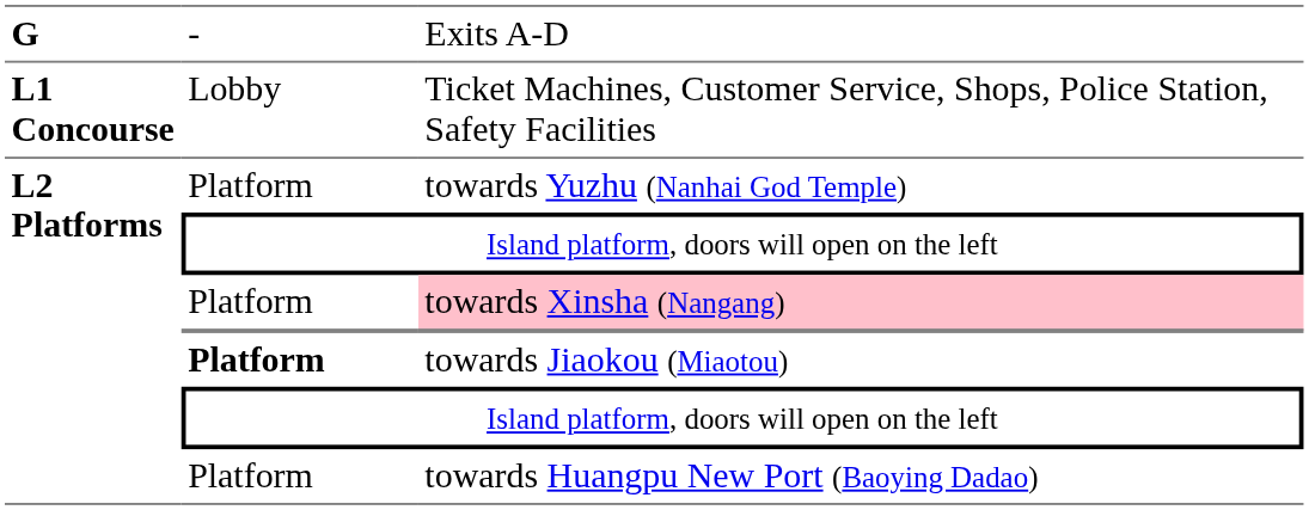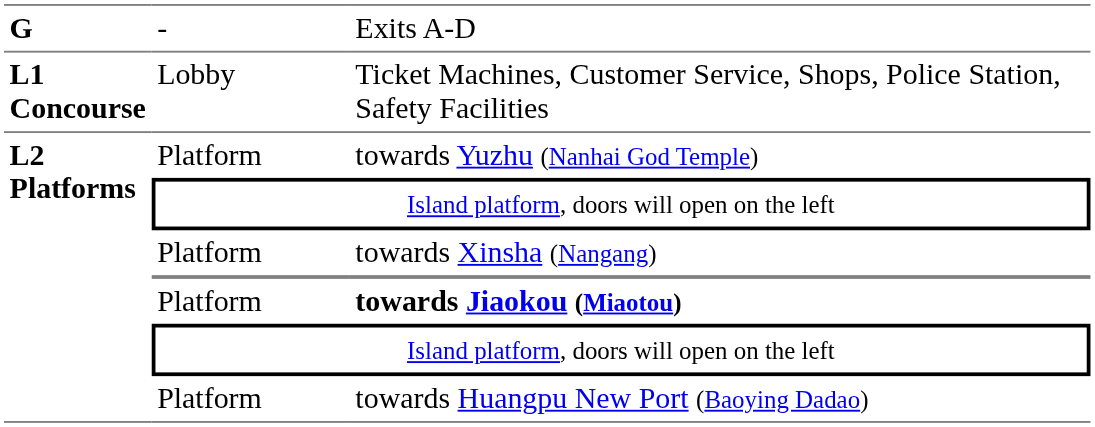 <table table border=0 cellspacing=0 cellpadding=3>
 <tr>
 <td style="border-top:solid 1px gray;" width=50 valign=top><strong>G</strong></td>
 <td style="border-top:solid 1px gray;" width=100 valign=top>-</td>
 <td style="border-top:solid 1px gray;" width=390 valign=top>Exits A-D</td>
 </tr>
 <tr>
 <td style="border-bottom:solid 1px gray; border-top:solid 1px gray;" valign=top><strong>L1<br>Concourse</strong></td>
 <td style="border-bottom:solid 1px gray; border-top:solid 1px gray;" valign=top>Lobby</td>
 <td style="border-bottom:solid 1px gray; border-top:solid 1px gray;" valign=top>Ticket Machines, Customer Service, Shops, Police Station, Safety Facilities</td>
 </tr>
 <tr>
 <td style="border-bottom:solid 1px gray;" rowspan=6 valign=top><strong>L2<br>Platforms</strong></td>
 <td>Platform </td>
 <td>  towards <a href='#'>Yuzhu</a> <small>(<a href='#'>Nanhai God Temple</a>)</small></td>
 </tr>
 <tr>
 <td style="border-right:solid 2px black;border-left:solid 2px black;border-top:solid 2px black;border-bottom:solid 2px black;text-align:center;" colspan=2><small><a href='#'>Island platform</a>, doors will open on the left</small></td>
 </tr>
 <tr>
 <td style="border-bottom:solid 1px gray;">Platform </td>
-<td style="background: pink; border-bottom:solid 1px gray;"> towards <a href='#'>Xinsha</a> <small>(<a href='#'>Nangang</a>) </small></td>
+<td style="border-bottom:solid 1px gray;"> towards <a href='#'>Xinsha</a> <small>(<a href='#'>Nangang</a>) </small></td>
 </tr>
 <tr>
-<td style="border-top:solid 1px gray;" width=100><strong>Platform </strong></td>
-<td style="border-top:solid 1px gray;" width=390>  towards <a href='#'>Jiaokou</a> <small>(<a href='#'>Miaotou</a>)</small></td>
+<td style="border-top:solid 1px gray;" width=100>Platform </td>
+<td style="border-top:solid 1px gray;" width=390><strong>  towards <a href='#'>Jiaokou</a> <small>(<a href='#'>Miaotou</a>)</small></strong></td>
 </tr>
 <tr>
 <td style="border-top:solid 2px black;border-right:solid 2px black;border-left:solid 2px black;border-bottom:solid 2px black;text-align:center;" colspan=2><small><a href='#'>Island platform</a>, doors will open on the left</small></td>
 </tr>
 <tr>
 <td style="border-bottom:solid 1px gray;">Platform </td>
 <td style="border-bottom:solid 1px gray;"> towards <a href='#'>Huangpu New Port</a> <small>(<a href='#'>Baoying Dadao</a>)</small> </td>
 </tr>
 </table>
